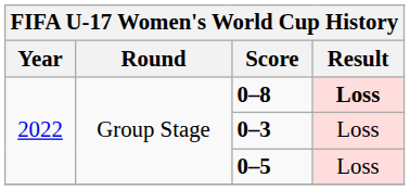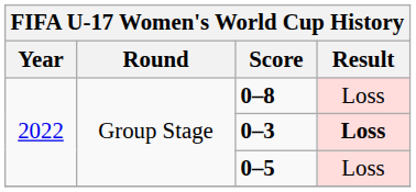 <table class="wikitable" style="text-align:center; font-size:100%;">
 <tr>
 <th colspan=4 style="background:color: #FFFFFF;">FIFA U-17 Women's World Cup History</th>
 </tr>
 <tr>
 <th>Year</th>
 <th>Round</th>
 <th>Score</th>
 <th>Result</th>
 </tr>
 <tr>
 <td rowspan=3><a href='#'>2022</a></td>
 <td rowspan=3>Group Stage</td>
 <td align="left"> <strong>0–8</strong> </td>
-<td style="background:#fdd;"><strong>Loss</strong></td>
+<td style="background:#fdd;">Loss</td>
 </tr>
 <tr>
 <td align="left"> <strong>0–3</strong> </td>
-<td style="background:#fdd;">Loss</td>
+<td style="background:#fdd;"><strong>Loss</strong></td>
 </tr>
 <tr>
 <td align="left"> <strong>0–5</strong> </td>
 <td style="background:#fdd;">Loss</td>
 </tr>
 <tr>
 </tr>
 </table>
